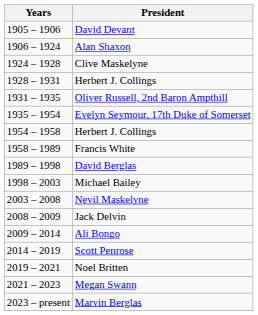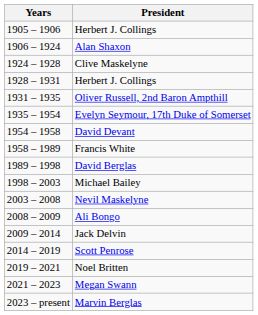 <table class="wikitable">
 <tr>
 <th>Years</th>
 <th>President</th>
 </tr>
 <tr>
 <td>1905 – 1906</td>
-<td><a href='#'>David Devant</a></td>
+<td>Herbert J. Collings</td>
 </tr>
 <tr>
 <td>1906 – 1924</td>
 <td><a href='#'>Alan Shaxon</a></td>
 </tr>
 <tr>
 <td>1924 – 1928</td>
 <td>Clive Maskelyne</td>
 </tr>
 <tr>
 <td>1928 – 1931</td>
 <td>Herbert J. Collings</td>
 </tr>
 <tr>
 <td>1931 – 1935</td>
 <td><a href='#'>Oliver Russell, 2nd Baron Ampthill</a></td>
 </tr>
 <tr>
 <td>1935 – 1954</td>
 <td><a href='#'>Evelyn Seymour, 17th Duke of Somerset</a></td>
 </tr>
 <tr>
 <td>1954 – 1958</td>
-<td>Herbert J. Collings</td>
+<td><a href='#'>David Devant</a></td>
 </tr>
 <tr>
 <td>1958 – 1989</td>
 <td>Francis White</td>
 </tr>
 <tr>
 <td>1989 – 1998</td>
 <td><a href='#'>David Berglas</a></td>
 </tr>
 <tr>
 <td>1998 – 2003</td>
 <td>Michael Bailey</td>
 </tr>
 <tr>
 <td>2003 – 2008</td>
 <td><a href='#'>Nevil Maskelyne</a></td>
 </tr>
 <tr>
 <td>2008 – 2009</td>
-<td>Jack Delvin</td>
+<td><a href='#'>Ali Bongo</a></td>
 </tr>
 <tr>
 <td>2009 – 2014</td>
-<td><a href='#'>Ali Bongo</a></td>
+<td>Jack Delvin</td>
 </tr>
 <tr>
 <td>2014 – 2019</td>
 <td><a href='#'>Scott Penrose</a></td>
 </tr>
 <tr>
 <td>2019 – 2021</td>
 <td>Noel Britten</td>
 </tr>
 <tr>
 <td>2021 – 2023</td>
 <td><a href='#'>Megan Swann</a></td>
 </tr>
 <tr>
 <td>2023 – present</td>
 <td><a href='#'>Marvin Berglas</a></td>
 </tr>
 </table>
